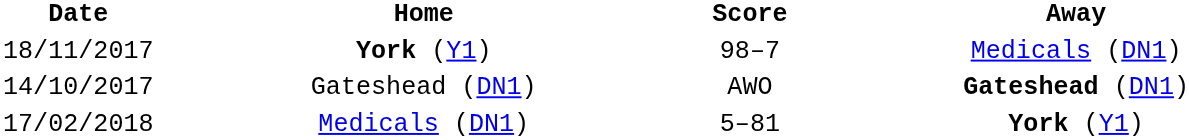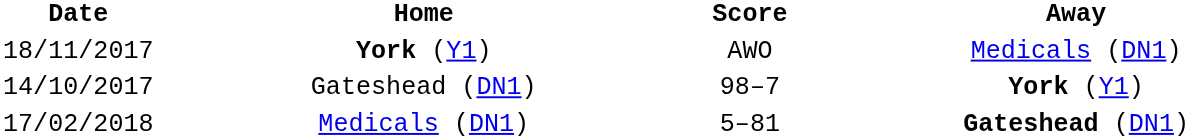 <table style="text-align: center">
 <tr>
 <th width=100 align=centre>Date</th>
 <th width=250 align=centre>Home</th>
 <th width=80 align=centre>Score</th>
 <th width=250 align=centre>Away</th>
 </tr>
 <tr>
 <td>18/11/2017</td>
 <td><strong>York</strong> (<a href='#'>Y1</a>)</td>
-<td>98–7</td>
+<td>AWO</td>
 <td><a href='#'>Medicals</a> (<a href='#'>DN1</a>)</td>
 </tr>
 <tr>
 <td>14/10/2017</td>
 <td>Gateshead (<a href='#'>DN1</a>)</td>
-<td>AWO</td>
-<td><strong>Gateshead</strong> (<a href='#'>DN1</a>)</td>
+<td>98–7</td>
+<td><strong>York</strong> (<a href='#'>Y1</a>)</td>
 </tr>
 <tr>
 <td>17/02/2018</td>
 <td><a href='#'>Medicals</a> (<a href='#'>DN1</a>)</td>
 <td>5–81</td>
-<td><strong>York</strong> (<a href='#'>Y1</a>)</td>
+<td><strong>Gateshead</strong> (<a href='#'>DN1</a>)</td>
 </tr>
 <tr>
 </tr>
 </table>
